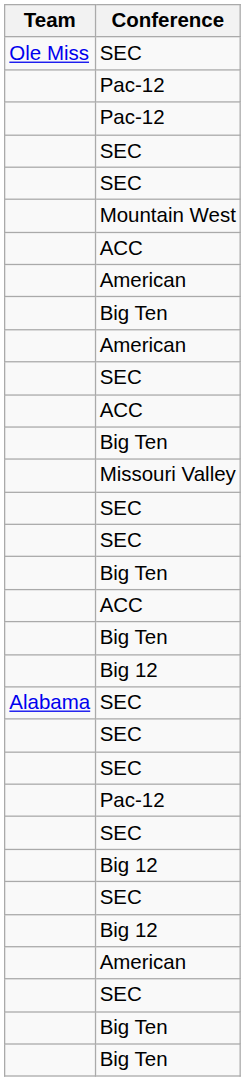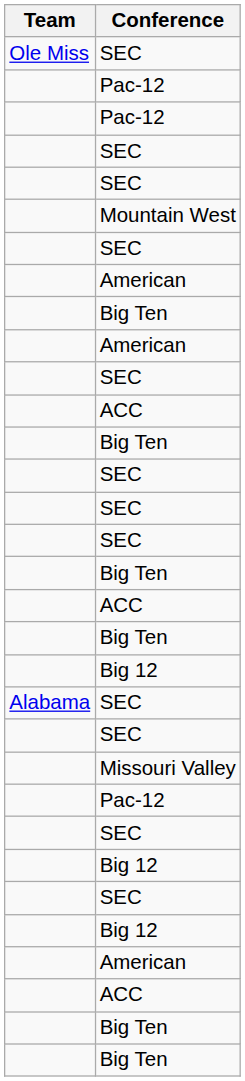 <table class="wikitable sortable">
 <tr>
 <th>Team</th>
 <th>Conference</th>
 </tr>
 <tr>
 <td><a href='#'>Ole Miss</a></td>
 <td>SEC</td>
 </tr>
 <tr>
 <td></td>
 <td>Pac-12</td>
 </tr>
 <tr>
 <td></td>
 <td>Pac-12</td>
 </tr>
 <tr>
 <td></td>
 <td>SEC</td>
 </tr>
 <tr>
 <td></td>
 <td>SEC</td>
 </tr>
 <tr>
 <td></td>
 <td>Mountain West</td>
 </tr>
 <tr>
 <td></td>
-<td>ACC</td>
+<td>SEC</td>
 </tr>
 <tr>
 <td></td>
 <td>American</td>
 </tr>
 <tr>
 <td></td>
 <td>Big Ten</td>
 </tr>
 <tr>
 <td></td>
 <td>American</td>
 </tr>
 <tr>
 <td></td>
 <td>SEC</td>
 </tr>
 <tr>
 <td></td>
 <td>ACC</td>
 </tr>
 <tr>
 <td></td>
 <td>Big Ten</td>
 </tr>
 <tr>
 <td></td>
-<td>Missouri Valley</td>
+<td>SEC</td>
 </tr>
 <tr>
 <td></td>
 <td>SEC</td>
 </tr>
 <tr>
 <td></td>
 <td>SEC</td>
 </tr>
 <tr>
 <td></td>
 <td>Big Ten</td>
 </tr>
 <tr>
 <td></td>
 <td>ACC</td>
 </tr>
 <tr>
 <td></td>
 <td>Big Ten</td>
 </tr>
 <tr>
 <td></td>
 <td>Big 12</td>
 </tr>
 <tr>
 <td><a href='#'>Alabama</a></td>
 <td>SEC</td>
 </tr>
 <tr>
 <td></td>
 <td>SEC</td>
 </tr>
 <tr>
 <td></td>
-<td>SEC</td>
+<td>Missouri Valley</td>
 </tr>
 <tr>
 <td></td>
 <td>Pac-12</td>
 </tr>
 <tr>
 <td></td>
 <td>SEC</td>
 </tr>
 <tr>
 <td></td>
 <td>Big 12</td>
 </tr>
 <tr>
 <td></td>
 <td>SEC</td>
 </tr>
 <tr>
 <td></td>
 <td>Big 12</td>
 </tr>
 <tr>
 <td></td>
 <td>American</td>
 </tr>
 <tr>
 <td></td>
-<td>SEC</td>
+<td>ACC</td>
 </tr>
 <tr>
 <td></td>
 <td>Big Ten</td>
 </tr>
 <tr>
 <td></td>
 <td>Big Ten</td>
 </tr>
 </table>
